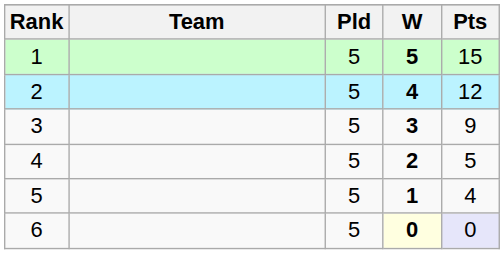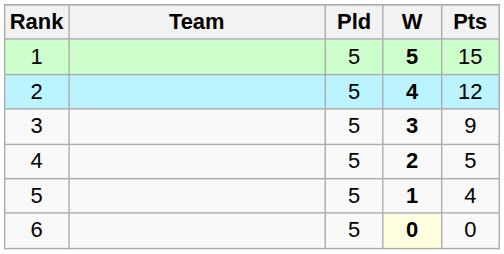 <table class="wikitable">
 <tr>
 </tr>
 <tr>
 <th style="width:35px">Rank</th>
 <th style="width:180px">Team</th>
 <th style="width:35px">Pld</th>
 <th style="width:35px">W</th>
 <th style="width:35px">Pts</th>
 </tr>
 <tr bgcolor=#ccffcc>
 <td align=center>1</td>
 <td></td>
 <td align=center>5</td>
 <td align=center><strong>5</strong></td>
 <td align=center>15</td>
 </tr>
 <tr bgcolor=#bbf3ff>
 <td align=center>2</td>
 <td></td>
 <td align=center>5</td>
 <td align=center><strong>4</strong></td>
 <td align=center>12</td>
 </tr>
 <tr>
 <td align=center>3</td>
 <td></td>
 <td align=center>5</td>
 <td align=center><strong>3</strong></td>
 <td align=center>9</td>
 </tr>
 <tr>
 <td align=center>4</td>
 <td></td>
 <td align=center>5</td>
 <td align=center><strong>2</strong></td>
 <td align=center>5</td>
 </tr>
 <tr>
 <td align=center>5</td>
 <td></td>
 <td align=center>5</td>
 <td align=center><strong>1</strong></td>
 <td align=center>4</td>
 </tr>
 <tr>
 <td align=center>6</td>
 <td></td>
 <td align=center>5</td>
 <td align=center style="background: lightyellow;"><strong>0</strong></td>
-<td align=center style="background: lavender;">0</td>
+<td align=center>0</td>
 </tr>
 </table>
